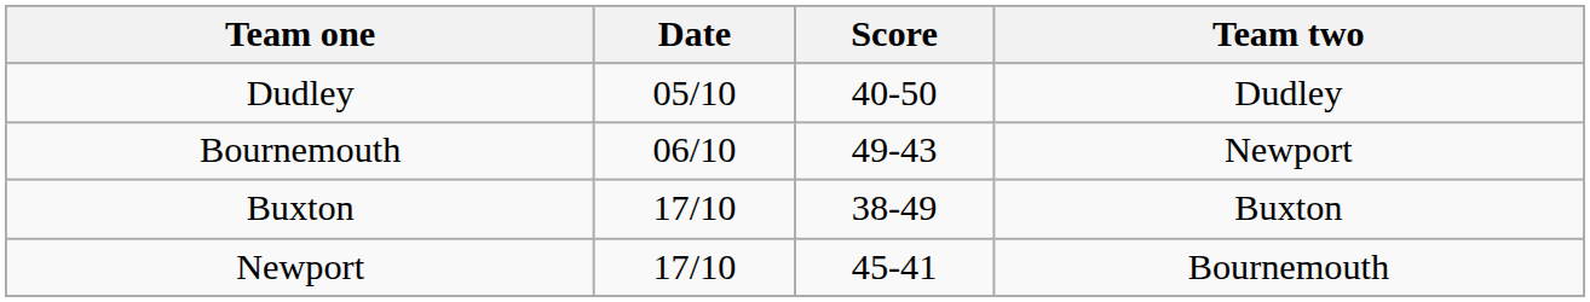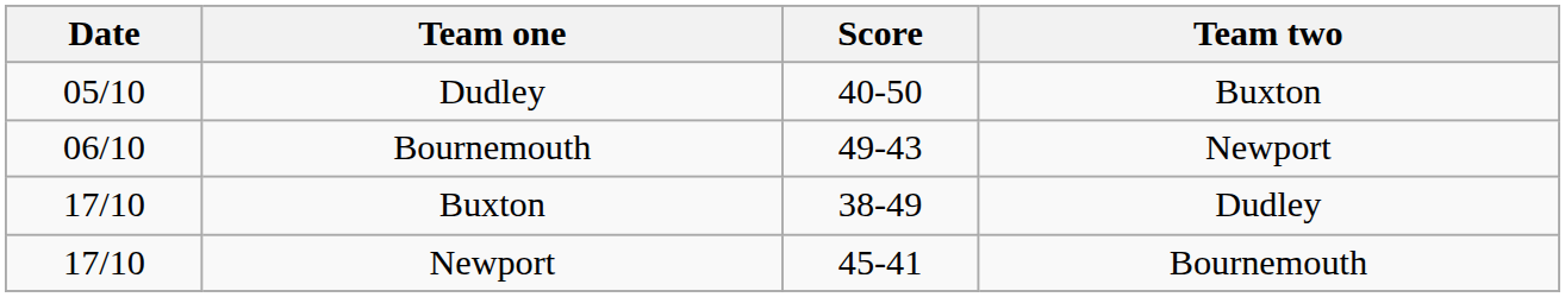 <table class="wikitable" style="text-align: center">
 <tr>
+<th width=80>Date</th>
 <th width=250>Team one</th>
-<th width=80>Date</th>
 <th width=80>Score</th>
 <th width=250>Team two</th>
 </tr>
 <tr>
+<td>05/10</td>
 <td>Dudley</td>
-<td>05/10</td>
 <td>40-50</td>
-<td>Dudley</td>
+<td>Buxton</td>
 </tr>
 <tr>
+<td>06/10</td>
 <td>Bournemouth</td>
-<td>06/10</td>
 <td>49-43</td>
 <td>Newport</td>
 </tr>
 <tr>
+<td>17/10</td>
 <td>Buxton</td>
-<td>17/10</td>
 <td>38-49</td>
-<td>Buxton</td>
+<td>Dudley</td>
 </tr>
 <tr>
+<td>17/10</td>
 <td>Newport</td>
-<td>17/10</td>
 <td>45-41</td>
 <td>Bournemouth</td>
 </tr>
 </table>
